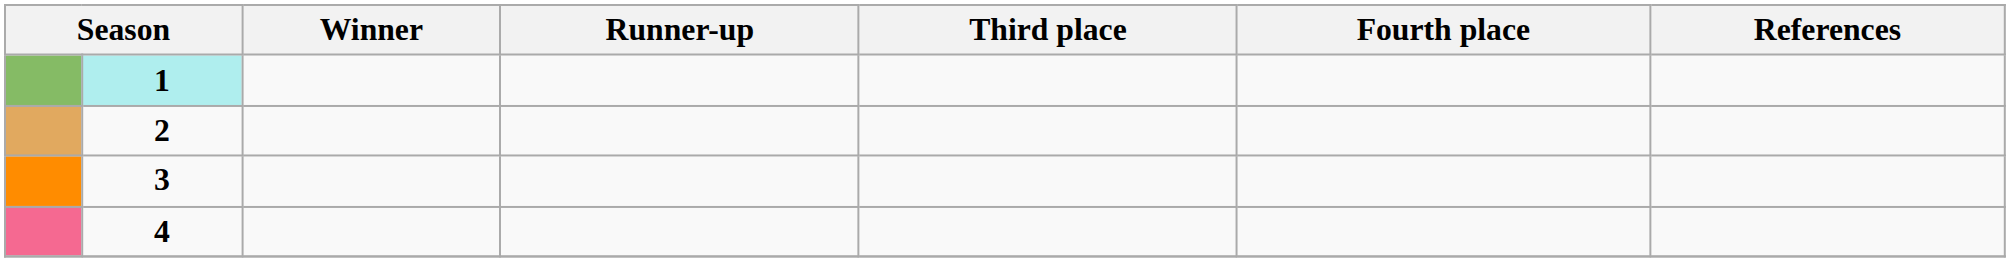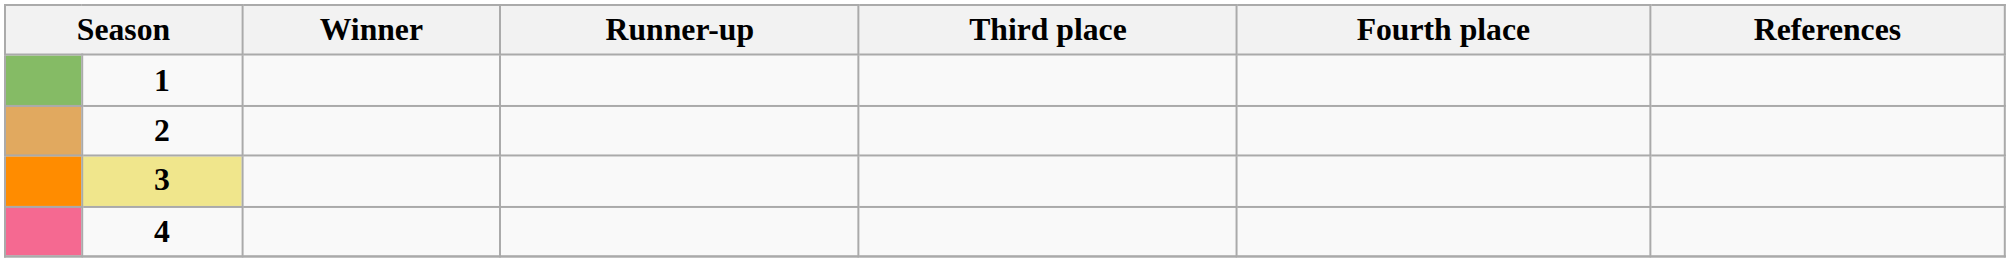 <table class="wikitable" width=80%arc>
 <tr>
 <th colspan="2">Season</th>
 <th>Winner</th>
 <th>Runner-up</th>
 <th>Third place</th>
 <th>Fourth place</th>
 <th>References</th>
 </tr>
 <tr>
 <td bgcolor=#85BB65 height="5px"></td>
-<td align="center" style="background: paleturquoise;"><strong>1</strong></td>
+<td align="center"><strong>1</strong></td>
 <td align="center"></td>
 <td align="center"></td>
 <td align="center"></td>
 <td align="center"></td>
 <td align="center"></td>
 </tr>
 <tr>
 <td bgcolor=#E1A95F height="5px"></td>
 <td align="center"><strong>2</strong></td>
 <td align="center"></td>
 <td align="center"></td>
 <td align="center"></td>
 <td align="center"></td>
 <td align="center"></td>
 </tr>
 <tr>
 <td bgcolor=#FF8C00 height="5px"></td>
-<td align="center"><strong>3</strong></td>
+<td align="center" style="background: khaki;"><strong>3</strong></td>
 <td align="center"></td>
 <td align="center"></td>
 <td align="center"></td>
 <td align="center"></td>
 <td align="center"></td>
 </tr>
 <tr>
 <td bgcolor=#F56991 height="5px"></td>
 <td align="center"><strong>4</strong></td>
 <td align="center"></td>
 <td align="center"></td>
 <td align="center"></td>
 <td align="center"></td>
 <td align="center"></td>
 </tr>
 <tr>
 </tr>
 </table>
